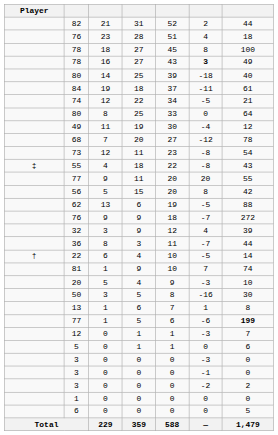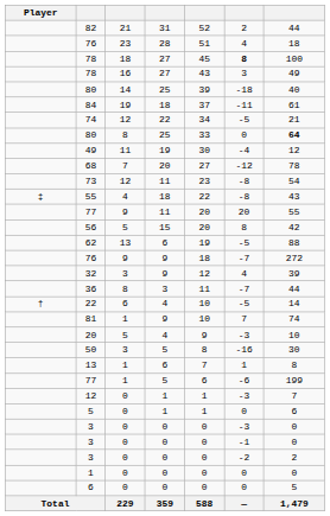 <table class="wikitable sortable" style="width:50%;">
 <tr>
 <th>Player</th>
 <th></th>
 <th></th>
 <th></th>
 <th></th>
 <th data-sort-type="number"></th>
 <th></th>
 </tr>
 <tr align=center>
 <td></td>
 <td>82</td>
 <td>21</td>
 <td>31</td>
 <td>52</td>
 <td>2</td>
 <td>44</td>
 </tr>
 <tr align=center>
 <td></td>
 <td>76</td>
 <td>23</td>
 <td>28</td>
 <td>51</td>
 <td>4</td>
 <td>18</td>
 </tr>
 <tr align=center>
 <td></td>
 <td>78</td>
 <td>18</td>
 <td>27</td>
 <td>45</td>
-<td>8</td>
+<td><strong>8</strong></td>
 <td>100</td>
 </tr>
 <tr align=center>
 <td></td>
 <td>78</td>
 <td>16</td>
 <td>27</td>
 <td>43</td>
-<td><strong>3</strong></td>
+<td>3</td>
 <td>49</td>
 </tr>
 <tr align=center>
 <td></td>
 <td>80</td>
 <td>14</td>
 <td>25</td>
 <td>39</td>
 <td>-18</td>
 <td>40</td>
 </tr>
 <tr align=center>
 <td></td>
 <td>84</td>
 <td>19</td>
 <td>18</td>
 <td>37</td>
 <td>-11</td>
 <td>61</td>
 </tr>
 <tr align=center>
 <td></td>
 <td>74</td>
 <td>12</td>
 <td>22</td>
 <td>34</td>
 <td>-5</td>
 <td>21</td>
 </tr>
 <tr align=center>
 <td></td>
 <td>80</td>
 <td>8</td>
 <td>25</td>
 <td>33</td>
 <td>0</td>
-<td>64</td>
+<td><strong>64</strong></td>
 </tr>
 <tr align=center>
 <td></td>
 <td>49</td>
 <td>11</td>
 <td>19</td>
 <td>30</td>
 <td>-4</td>
 <td>12</td>
 </tr>
 <tr align=center>
 <td></td>
 <td>68</td>
 <td>7</td>
 <td>20</td>
 <td>27</td>
 <td>-12</td>
 <td>78</td>
 </tr>
 <tr align=center>
 <td></td>
 <td>73</td>
 <td>12</td>
 <td>11</td>
 <td>23</td>
 <td>-8</td>
 <td>54</td>
 </tr>
 <tr align=center>
 <td> ‡</td>
 <td>55</td>
 <td>4</td>
 <td>18</td>
 <td>22</td>
 <td>-8</td>
 <td>43</td>
 </tr>
 <tr align=center>
 <td></td>
 <td>77</td>
 <td>9</td>
 <td>11</td>
 <td>20</td>
 <td>20</td>
 <td>55</td>
 </tr>
 <tr align=center>
 <td></td>
 <td>56</td>
 <td>5</td>
 <td>15</td>
 <td>20</td>
 <td>8</td>
 <td>42</td>
 </tr>
 <tr align=center>
 <td></td>
 <td>62</td>
 <td>13</td>
 <td>6</td>
 <td>19</td>
 <td>-5</td>
 <td>88</td>
 </tr>
 <tr align=center>
 <td></td>
 <td>76</td>
 <td>9</td>
 <td>9</td>
 <td>18</td>
 <td>-7</td>
 <td>272</td>
 </tr>
 <tr align=center>
 <td></td>
 <td>32</td>
 <td>3</td>
 <td>9</td>
 <td>12</td>
 <td>4</td>
 <td>39</td>
 </tr>
 <tr align=center>
 <td></td>
 <td>36</td>
 <td>8</td>
 <td>3</td>
 <td>11</td>
 <td>-7</td>
 <td>44</td>
 </tr>
 <tr align=center>
 <td> †</td>
 <td>22</td>
 <td>6</td>
 <td>4</td>
 <td>10</td>
 <td>-5</td>
 <td>14</td>
 </tr>
 <tr align=center>
 <td></td>
 <td>81</td>
 <td>1</td>
 <td>9</td>
 <td>10</td>
 <td>7</td>
 <td>74</td>
 </tr>
 <tr align=center>
 <td></td>
 <td>20</td>
 <td>5</td>
 <td>4</td>
 <td>9</td>
 <td>-3</td>
 <td>10</td>
 </tr>
 <tr align=center>
 <td></td>
 <td>50</td>
 <td>3</td>
 <td>5</td>
 <td>8</td>
 <td>-16</td>
 <td>30</td>
 </tr>
 <tr align=center>
 <td></td>
 <td>13</td>
 <td>1</td>
 <td>6</td>
 <td>7</td>
 <td>1</td>
 <td>8</td>
 </tr>
 <tr align=center>
 <td></td>
 <td>77</td>
 <td>1</td>
 <td>5</td>
 <td>6</td>
 <td>-6</td>
-<td><strong>199</strong></td>
+<td>199</td>
 </tr>
 <tr align=center>
 <td></td>
 <td>12</td>
 <td>0</td>
 <td>1</td>
 <td>1</td>
 <td>-3</td>
 <td>7</td>
 </tr>
 <tr align=center>
 <td></td>
 <td>5</td>
 <td>0</td>
 <td>1</td>
 <td>1</td>
 <td>0</td>
 <td>6</td>
 </tr>
 <tr align=center>
 <td></td>
 <td>3</td>
 <td>0</td>
 <td>0</td>
 <td>0</td>
 <td>-3</td>
 <td>0</td>
 </tr>
 <tr align=center>
 <td></td>
 <td>3</td>
 <td>0</td>
 <td>0</td>
 <td>0</td>
 <td>-1</td>
 <td>0</td>
 </tr>
 <tr align=center>
 <td></td>
 <td>3</td>
 <td>0</td>
 <td>0</td>
 <td>0</td>
 <td>-2</td>
 <td>2</td>
 </tr>
 <tr align=center>
 <td></td>
 <td>1</td>
 <td>0</td>
 <td>0</td>
 <td>0</td>
 <td>0</td>
 <td>0</td>
 </tr>
 <tr align=center>
 <td></td>
 <td>6</td>
 <td>0</td>
 <td>0</td>
 <td>0</td>
 <td>0</td>
 <td>5</td>
 </tr>
 <tr class="sortbotom">
 <th colspan=2>Total</th>
 <th>229</th>
 <th>359</th>
 <th>588</th>
 <th>—</th>
 <th>1,479</th>
 </tr>
 </table>
